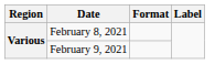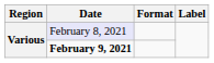 <table class="wikitable plainrowheaders">
 <tr>
 <th>Region</th>
 <th>Date</th>
 <th>Format</th>
 <th>Label</th>
 </tr>
 <tr>
 <th rowspan="2" scope="row">Various</th>
-<td>February 8, 2021</td>
+<td style="background: lavender;">February 8, 2021</td>
 <td></td>
 <td rowspan="2"></td>
 </tr>
 <tr>
-<td>February 9, 2021</td>
+<td><strong>February 9, 2021</strong></td>
 <td></td>
 </tr>
 </table>
